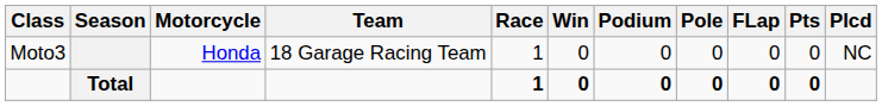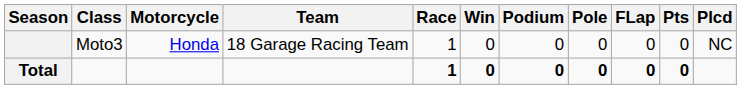 <table class="wikitable" style=text-align:right>
 <tr>
+<th>Season</th>
 <th>Class</th>
-<th>Season</th>
 <th>Motorcycle</th>
 <th>Team</th>
 <th>Race</th>
 <th>Win</th>
 <th>Podium</th>
 <th>Pole</th>
 <th>FLap</th>
 <th>Pts</th>
 <th>Plcd</th>
 </tr>
 <tr>
+<th></th>
 <td>Moto3</td>
-<th></th>
 <td><a href='#'>Honda</a></td>
 <td>18 Garage Racing Team</td>
 <td>1</td>
 <td>0</td>
 <td>0</td>
 <td>0</td>
 <td>0</td>
 <td>0</td>
 <td>NC</td>
 </tr>
 <tr>
+<th>Total</th>
 <td></td>
-<th>Total</th>
 <td></td>
 <td></td>
 <td><strong>1</strong></td>
 <td><strong>0</strong></td>
 <td><strong>0</strong></td>
 <td><strong>0</strong></td>
 <td><strong>0</strong></td>
 <td><strong>0</strong></td>
 <td></td>
 </tr>
 </table>
